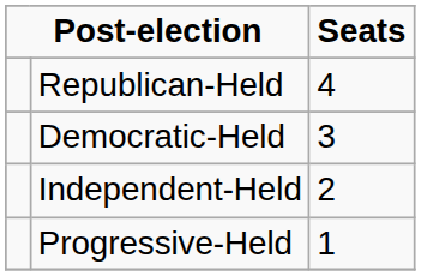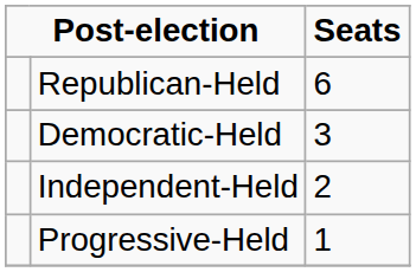 <table class= "wikitable">
 <tr>
 <td colspan= "2" rowspan= "1" align= "center" valign= "top"><strong>Post-election</strong></td>
 <td valign= "top"><strong>Seats</strong><br></td>
 </tr>
 <tr>
 <td style="background-color:"> </td>
 <td>Republican-Held</td>
-<td>4</td>
+<td>6</td>
 </tr>
 <tr>
 <td style="background-color:"> </td>
 <td>Democratic-Held</td>
 <td>3</td>
 </tr>
 <tr>
 <td style="background-color:"> </td>
 <td>Independent-Held</td>
 <td>2</td>
 </tr>
 <tr>
 <td style="background-color:"> </td>
 <td>Progressive-Held</td>
 <td>1</td>
 </tr>
 <tr>
 </tr>
 </table>
